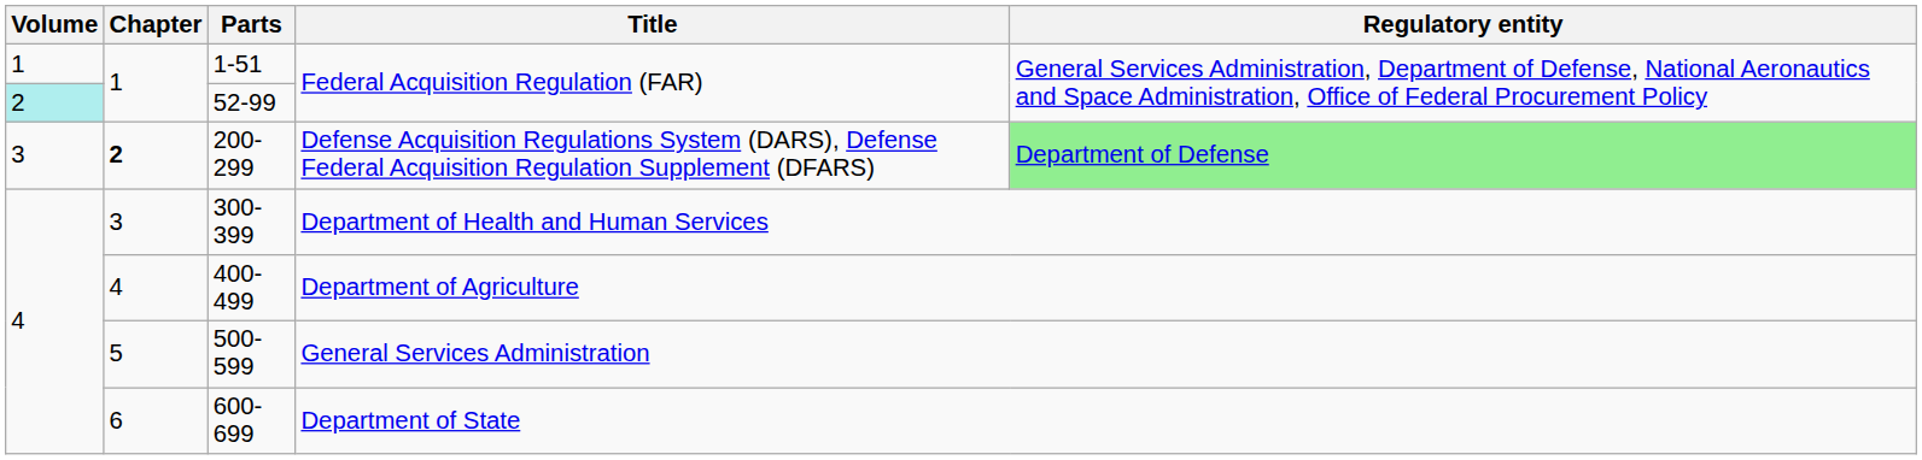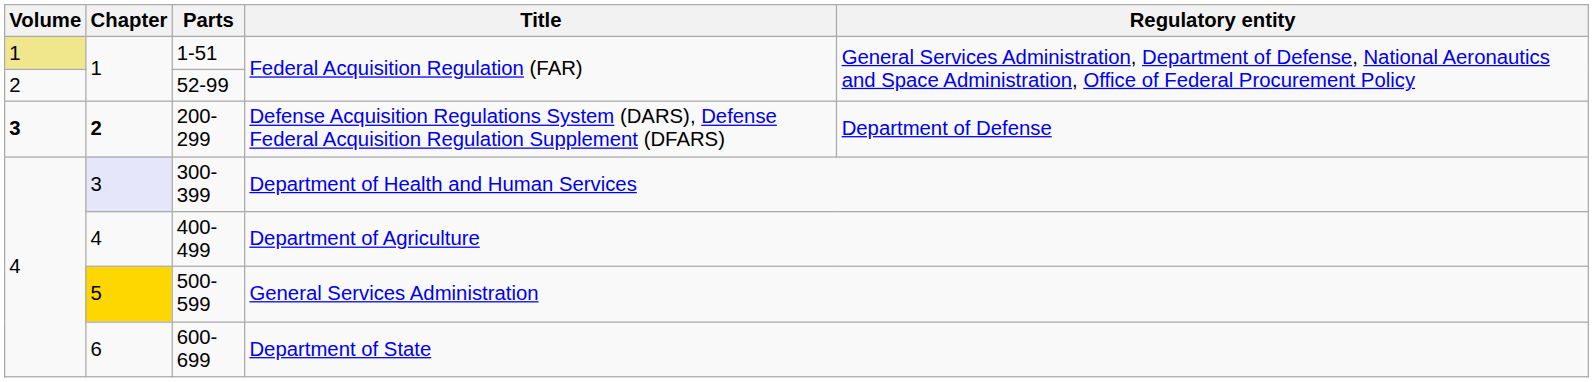 <table class="wikitable">
 <tr>
 <th>Volume</th>
 <th>Chapter</th>
 <th>Parts</th>
 <th>Title</th>
 <th>Regulatory entity</th>
 </tr>
 <tr>
-<td>1</td>
+<td style="background: khaki;">1</td>
 <td rowspan="2">1</td>
 <td>1-51</td>
 <td rowspan="2"><a href='#'>Federal Acquisition Regulation</a> (FAR)</td>
 <td rowspan="2"><a href='#'>General Services Administration</a>, <a href='#'>Department of Defense</a>, <a href='#'>National Aeronautics and Space Administration</a>, <a href='#'>Office of Federal Procurement Policy</a></td>
 </tr>
 <tr>
-<td style="background: paleturquoise;">2</td>
+<td>2</td>
 <td>52-99</td>
 </tr>
 <tr>
-<td>3</td>
+<td><strong>3</strong></td>
 <td><strong>2</strong></td>
 <td>200-299</td>
 <td><a href='#'>Defense Acquisition Regulations System</a> (DARS), <a href='#'>Defense Federal Acquisition Regulation Supplement</a> (DFARS)</td>
-<td style="background: lightgreen;"><a href='#'>Department of Defense</a></td>
+<td><a href='#'>Department of Defense</a></td>
 </tr>
 <tr>
 <td rowspan="4">4</td>
-<td>3</td>
+<td style="background: lavender;">3</td>
 <td>300-399</td>
 <td colspan="2"><a href='#'>Department of Health and Human Services</a></td>
 </tr>
 <tr>
 <td>4</td>
 <td>400-499</td>
 <td colspan="2"><a href='#'>Department of Agriculture</a></td>
 </tr>
 <tr>
-<td>5</td>
+<td style="background: gold;">5</td>
 <td>500-599</td>
 <td colspan="2"><a href='#'>General Services Administration</a></td>
 </tr>
 <tr>
 <td>6</td>
 <td>600-699</td>
 <td colspan="2"><a href='#'>Department of State</a></td>
 </tr>
 </table>
